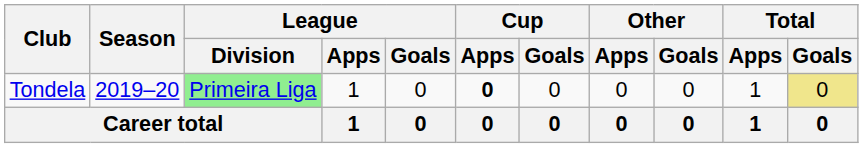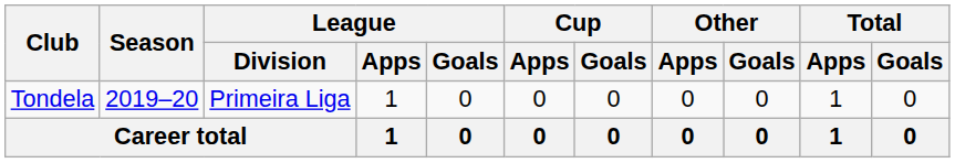 <table class="wikitable" style="text-align: center">
 <tr>
 <th rowspan="2">Club</th>
 <th rowspan="2">Season</th>
 <th colspan="3">League</th>
 <th colspan="2">Cup</th>
 <th colspan="2">Other</th>
 <th colspan="2">Total</th>
 </tr>
 <tr>
 <th>Division</th>
 <th>Apps</th>
 <th>Goals</th>
 <th>Apps</th>
 <th>Goals</th>
 <th>Apps</th>
 <th>Goals</th>
 <th>Apps</th>
 <th>Goals</th>
 </tr>
 <tr>
 <td><a href='#'>Tondela</a></td>
 <td><a href='#'>2019–20</a></td>
-<td style="background: lightgreen;"><a href='#'>Primeira Liga</a></td>
+<td><a href='#'>Primeira Liga</a></td>
 <td>1</td>
 <td>0</td>
-<td><strong>0</strong></td>
+<td>0</td>
 <td>0</td>
 <td>0</td>
 <td>0</td>
 <td>1</td>
-<td style="background: khaki;">0</td>
+<td>0</td>
 </tr>
 <tr>
 <th colspan="3"><strong>Career total</strong></th>
 <th>1</th>
 <th>0</th>
 <th>0</th>
 <th>0</th>
 <th>0</th>
 <th>0</th>
 <th>1</th>
 <th>0</th>
 </tr>
 </table>
